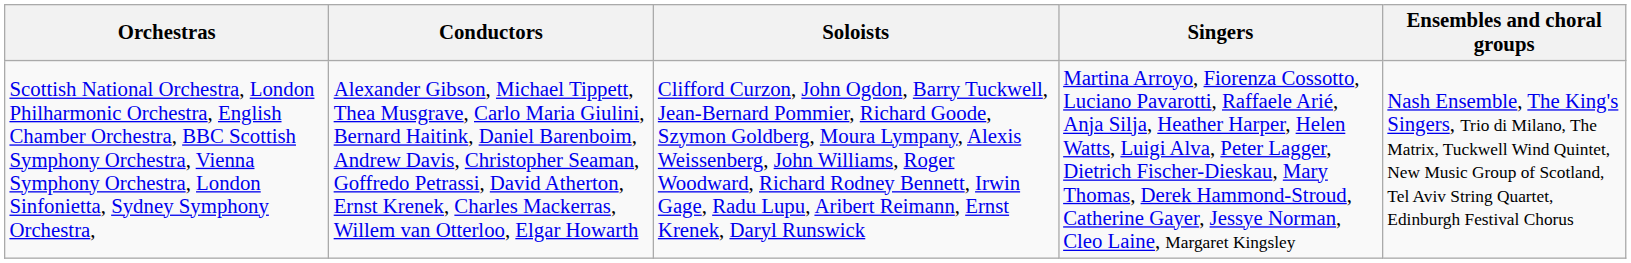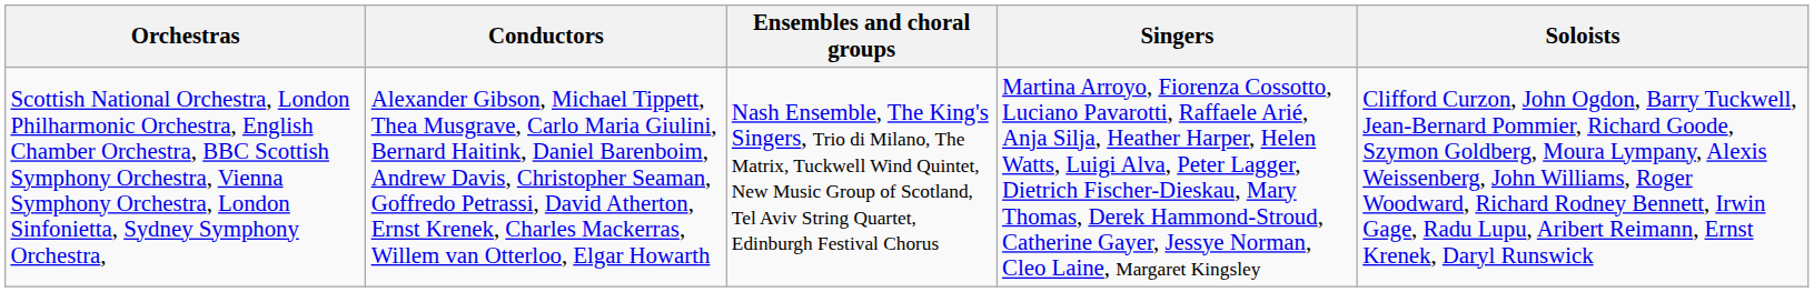 <table class="wikitable toptextcells">
 <tr class="hintergrundfarbe5">
 <th style="width:20%;">Orchestras</th>
 <th style="width:20%;">Conductors</th>
+<th style="width:15%;">Ensembles and choral groups</th>
+<th style="width:20%;">Singers</th>
 <th style="width:25%;">Soloists</th>
-<th style="width:20%;">Singers</th>
-<th style="width:15%;">Ensembles and choral groups</th>
 </tr>
 <tr>
 <td><a href='#'>Scottish National Orchestra</a>, <a href='#'>London Philharmonic Orchestra</a>, <a href='#'>English Chamber Orchestra</a>, <a href='#'>BBC Scottish Symphony Orchestra</a>, <a href='#'>Vienna Symphony Orchestra</a>, <a href='#'>London Sinfonietta</a>, <a href='#'>Sydney Symphony Orchestra</a>,</td>
 <td><a href='#'>Alexander Gibson</a>, <a href='#'>Michael Tippett</a>, <a href='#'>Thea Musgrave</a>, <a href='#'>Carlo Maria Giulini</a>, <a href='#'>Bernard Haitink</a>, <a href='#'>Daniel Barenboim</a>, <a href='#'>Andrew Davis</a>, <a href='#'>Christopher Seaman</a>, <a href='#'>Goffredo Petrassi</a>, <a href='#'>David Atherton</a>, <a href='#'>Ernst Krenek</a>, <a href='#'>Charles Mackerras</a>, <a href='#'>Willem van Otterloo</a>, <a href='#'>Elgar Howarth</a></td>
+<td><a href='#'>Nash Ensemble</a>, <a href='#'>The King's Singers</a>, <small>Trio di Milano, The Matrix, Tuckwell Wind Quintet, New Music Group of Scotland, Tel Aviv String Quartet, Edinburgh Festival Chorus</small></td>
+<td><a href='#'>Martina Arroyo</a>, <a href='#'>Fiorenza Cossotto</a>, <a href='#'>Luciano Pavarotti</a>, <a href='#'>Raffaele Arié</a>, <a href='#'>Anja Silja</a>, <a href='#'>Heather Harper</a>, <a href='#'>Helen Watts</a>, <a href='#'>Luigi Alva</a>, <a href='#'>Peter Lagger</a>, <a href='#'>Dietrich Fischer-Dieskau</a>,  <a href='#'>Mary Thomas</a>, <a href='#'>Derek Hammond-Stroud</a>, <a href='#'>Catherine Gayer</a>, <a href='#'>Jessye Norman</a>, <a href='#'>Cleo Laine</a>, <small>Margaret Kingsley</small></td>
 <td><a href='#'>Clifford Curzon</a>, <a href='#'>John Ogdon</a>, <a href='#'>Barry Tuckwell</a>, <a href='#'>Jean-Bernard Pommier</a>, <a href='#'>Richard Goode</a>, <a href='#'>Szymon Goldberg</a>, <a href='#'>Moura Lympany</a>, <a href='#'>Alexis Weissenberg</a>, <a href='#'>John Williams</a>, <a href='#'>Roger Woodward</a>, <a href='#'>Richard Rodney Bennett</a>, <a href='#'>Irwin Gage</a>, <a href='#'>Radu Lupu</a>, <a href='#'>Aribert Reimann</a>, <a href='#'>Ernst Krenek</a>, <a href='#'>Daryl Runswick</a></td>
-<td><a href='#'>Martina Arroyo</a>, <a href='#'>Fiorenza Cossotto</a>, <a href='#'>Luciano Pavarotti</a>, <a href='#'>Raffaele Arié</a>, <a href='#'>Anja Silja</a>, <a href='#'>Heather Harper</a>, <a href='#'>Helen Watts</a>, <a href='#'>Luigi Alva</a>, <a href='#'>Peter Lagger</a>, <a href='#'>Dietrich Fischer-Dieskau</a>,  <a href='#'>Mary Thomas</a>, <a href='#'>Derek Hammond-Stroud</a>, <a href='#'>Catherine Gayer</a>, <a href='#'>Jessye Norman</a>, <a href='#'>Cleo Laine</a>, <small>Margaret Kingsley</small></td>
-<td><a href='#'>Nash Ensemble</a>, <a href='#'>The King's Singers</a>, <small>Trio di Milano, The Matrix, Tuckwell Wind Quintet, New Music Group of Scotland, Tel Aviv String Quartet, Edinburgh Festival Chorus</small></td>
 </tr>
 </table>
